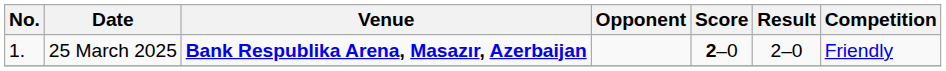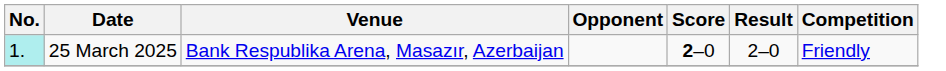 <table class="wikitable">
 <tr>
 <th>No.</th>
 <th>Date</th>
 <th>Venue</th>
 <th>Opponent</th>
 <th>Score</th>
 <th>Result</th>
 <th>Competition</th>
 </tr>
 <tr>
-<td>1.</td>
+<td style="background: paleturquoise;">1.</td>
 <td>25 March 2025</td>
-<td><strong><a href='#'>Bank Respublika Arena</a>, <a href='#'>Masazır</a>, <a href='#'>Azerbaijan</a></strong></td>
+<td><a href='#'>Bank Respublika Arena</a>, <a href='#'>Masazır</a>, <a href='#'>Azerbaijan</a></td>
 <td></td>
 <td align=center><strong>2</strong>–0</td>
 <td align=center>2–0</td>
 <td><a href='#'>Friendly</a></td>
 </tr>
 <tr>
 </tr>
 </table>
